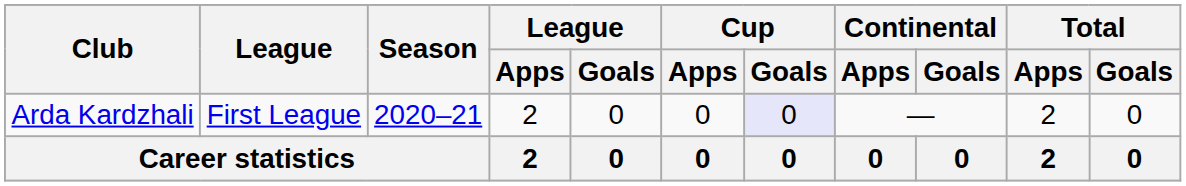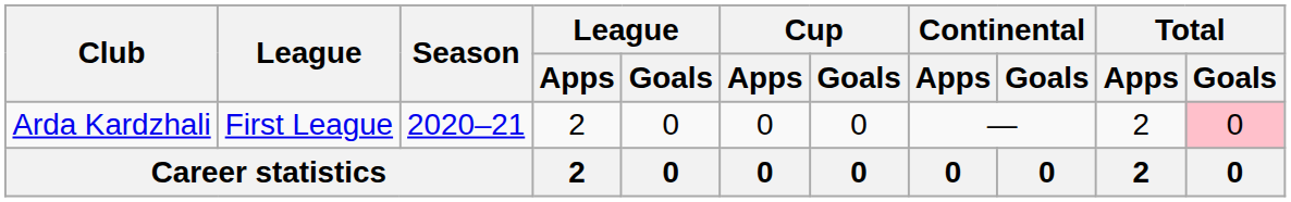 <table class="wikitable" style="font-size:90%; text-align: center">
 <tr>
 <th rowspan=2>Club</th>
 <th rowspan=2>League</th>
 <th rowspan=2>Season</th>
 <th colspan=2>League</th>
 <th colspan=2>Cup</th>
 <th colspan=2>Continental</th>
 <th colspan=2>Total</th>
 </tr>
 <tr>
 <th>Apps</th>
 <th>Goals</th>
 <th>Apps</th>
 <th>Goals</th>
 <th>Apps</th>
 <th>Goals</th>
 <th>Apps</th>
 <th>Goals</th>
 </tr>
 <tr>
 <td rowspan=1 valign="center"><a href='#'>Arda Kardzhali</a></td>
 <td rowspan="1"><a href='#'>First League</a></td>
 <td><a href='#'>2020–21</a></td>
 <td>2</td>
 <td>0</td>
 <td>0</td>
-<td style="background: lavender;">0</td>
+<td>0</td>
 <td colspan="2">—</td>
 <td>2</td>
-<td>0</td>
+<td style="background: pink;">0</td>
 </tr>
 <tr>
 <th colspan=3>Career statistics</th>
 <th>2</th>
 <th>0</th>
 <th>0</th>
 <th>0</th>
 <th>0</th>
 <th>0</th>
 <th>2</th>
 <th>0</th>
 </tr>
 </table>
